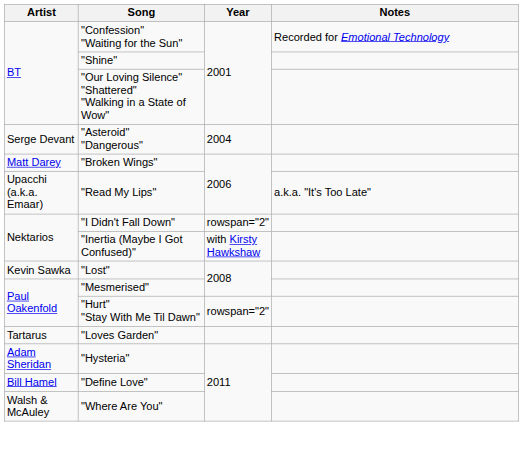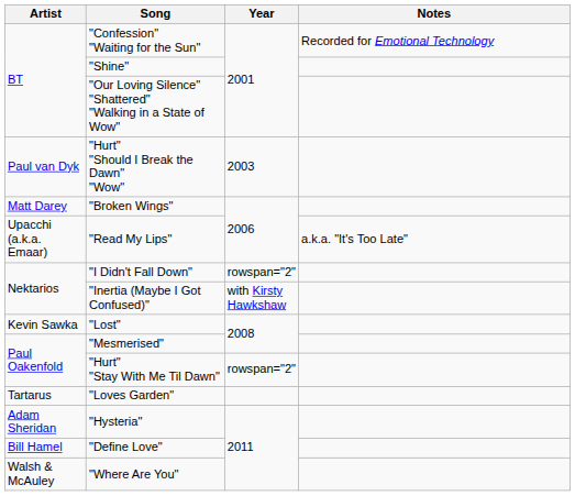 <table class="wikitable sortable">
 <tr>
 <th width="100">Artist</th>
 <th width="175">Song</th>
 <th width="30">Year</th>
 <th width="350">Notes</th>
 </tr>
 <tr>
 <td rowspan="3"><a href='#'>BT</a></td>
 <td>"Confession"<br>"Waiting for the Sun"</td>
 <td rowspan="3">2001</td>
 <td>Recorded for <em><a href='#'>Emotional Technology</a></em></td>
 </tr>
 <tr>
 <td>"Shine"</td>
 <td></td>
 </tr>
 <tr>
 <td>"Our Loving Silence"<br>"Shattered"<br>"Walking in a State of Wow"</td>
 <td></td>
 </tr>
 <tr>
-<td>Serge Devant</td>
-<td>"Asteroid"<br>"Dangerous"</td>
-<td>2004</td>
+<td><a href='#'>Paul van Dyk</a></td>
+<td>"Hurt"<br>"Should I Break the Dawn"<br>"Wow"</td>
+<td>2003</td>
 <td></td>
 </tr>
 <tr>
 <td><a href='#'>Matt Darey</a></td>
 <td>"Broken Wings"</td>
 <td rowspan="2">2006</td>
 <td></td>
 </tr>
 <tr>
 <td>Upacchi (a.k.a. Emaar)</td>
 <td>"Read My Lips"</td>
 <td>a.k.a. "It's Too Late"</td>
 </tr>
 <tr>
 <td rowspan="2">Nektarios</td>
 <td>"I Didn't Fall Down"</td>
 <td>rowspan="2" </td>
 <td></td>
 </tr>
 <tr>
 <td>"Inertia (Maybe I Got Confused)"</td>
 <td>with <a href='#'>Kirsty Hawkshaw</a></td>
 </tr>
 <tr>
 <td>Kevin Sawka</td>
 <td>"Lost"</td>
 <td rowspan="2">2008</td>
 <td></td>
 </tr>
 <tr>
 <td rowspan="2"><a href='#'>Paul Oakenfold</a></td>
 <td>"Mesmerised"</td>
 <td></td>
 </tr>
 <tr>
 <td>"Hurt"<br>"Stay With Me Til Dawn"</td>
 <td>rowspan="2" </td>
 <td></td>
 </tr>
 <tr>
 <td>Tartarus</td>
 <td>"Loves Garden"</td>
 <td></td>
 </tr>
 <tr>
 <td><a href='#'>Adam Sheridan</a></td>
 <td>"Hysteria"</td>
 <td rowspan="3">2011</td>
 <td></td>
 </tr>
 <tr>
 <td><a href='#'>Bill Hamel</a></td>
 <td>"Define Love"</td>
 <td></td>
 </tr>
 <tr>
 <td>Walsh & McAuley</td>
 <td>"Where Are You"</td>
 <td></td>
 </tr>
 </table>
